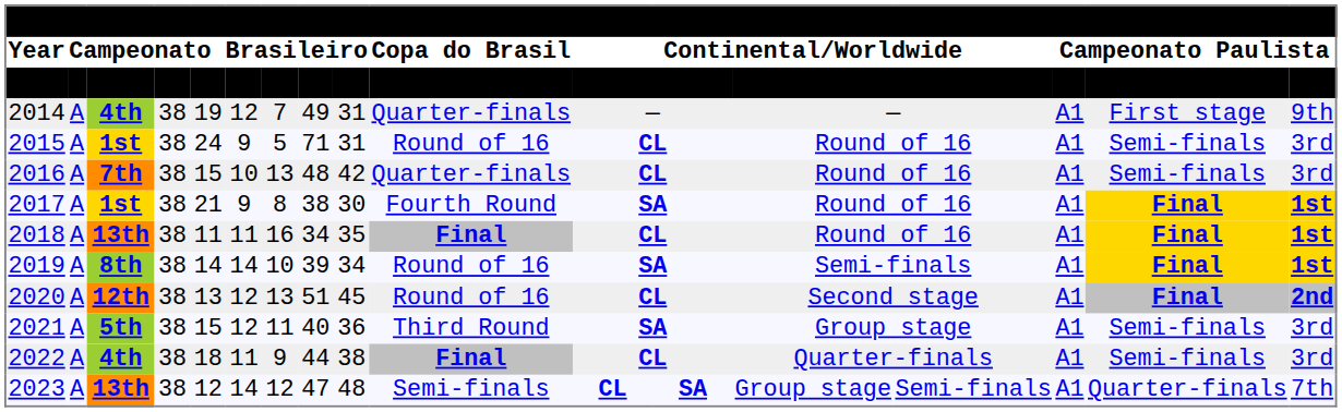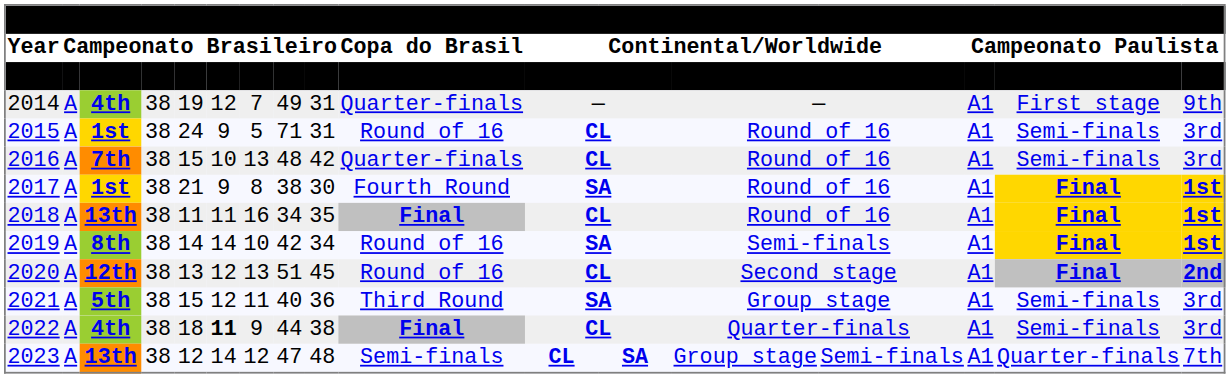 <table style="background:#f7f8ff; font-size:95%; text-align:center; border:gray solid 1px; border-collapse:collapse;">
 <tr style="background:#000;">
 <td colspan="18" style="text-align:center;"><span> <strong>Last Ten Seasons</strong></span></td>
 </tr>
 <tr style="background:#fff;">
 <td style="text-align:center;"><strong>Year</strong></td>
 <th colspan="8" style="text-align:center;"><strong>Campeonato Brasileiro</strong></th>
 <th style="text-align:center;"><strong>Copa do Brasil</strong></th>
 <th colspan="4" style="text-align:center;"><strong>Continental/Worldwide</strong></th>
 <th colspan="3" style="text-align:center;"><strong>Campeonato Paulista</strong></th>
 </tr>
 <tr style="background:#000;">
 <td style="text-align:center;"><span><strong>—</strong></span></td>
 <td style="text-align:center;"><span><strong></strong></span></td>
 <td style="text-align:center;"><span><strong></strong></span></td>
 <td style="text-align:center;"><span><strong></strong></span></td>
 <td style="text-align:center;"><span><strong></strong></span></td>
 <td style="text-align:center;"><span><strong></strong></span></td>
 <td style="text-align:center;"><span><strong></strong></span></td>
 <td style="text-align:center;"><span><strong></strong></span></td>
 <td style="text-align:center;"><span><strong></strong></span></td>
 <td style="text-align:center;"><span><strong>Maximum stage</strong></span></td>
 <td style="text-align:center;" colspan="2"><span><strong>Competition</strong></span></td>
 <td style="text-align:center;" colspan="2"><span><strong>Maximum stage</strong></span></td>
 <td style="text-align:center;"><span><strong></strong></span></td>
 <td style="text-align:center;"><span><strong>Maximum stage</strong></span></td>
 <td style="text-align:center;"><span><strong></strong></span></td>
 </tr>
 <tr style="background:#efefef;">
 <td style="text-align:center;">2014</td>
 <td style="text-align:center;"><a href='#'>A</a></td>
 <td style="text-align:center; background:#9ace32;"><a href='#'><span><strong>4th</strong></span></a></td>
 <td style="text-align:center;">38</td>
 <td style="text-align:center;">19</td>
 <td style="text-align:center;">12</td>
 <td style="text-align:center;">7</td>
 <td style="text-align:center;">49</td>
 <td style="text-align:center;">31</td>
 <td style="text-align:center;"><a href='#'>Quarter-finals</a></td>
 <td style="text-align:center;" colspan="2">—</td>
 <td style="text-align:center;" colspan="2">—</td>
 <td style="text-align:center;"><a href='#'>A1</a></td>
 <td style="text-align:center;"><a href='#'>First stage</a></td>
 <td style="text-align:center;"><a href='#'>9th</a></td>
 </tr>
 <tr>
 <td style="text-align:center;"><a href='#'>2015</a></td>
 <td style="text-align:center;"><a href='#'>A</a></td>
 <td style="text-align:center; background:gold;"><a href='#'><span><strong>1st</strong></span></a></td>
 <td style="text-align:center;">38</td>
 <td style="text-align:center;">24</td>
 <td style="text-align:center;">9</td>
 <td style="text-align:center;">5</td>
 <td style="text-align:center;">71</td>
 <td style="text-align:center;">31</td>
 <td style="text-align:center;"><a href='#'>Round of 16</a></td>
 <td style="text-align:center;" colspan="2"><strong><a href='#'>CL</a></strong></td>
 <td style="text-align:center;" colspan="2"><a href='#'>Round of 16</a></td>
 <td style="text-align:center;"><a href='#'>A1</a></td>
 <td style="text-align:center;"><a href='#'>Semi-finals</a></td>
 <td style="text-align:center;"><a href='#'>3rd</a></td>
 </tr>
 <tr style="background:#efefef;">
 <td style="text-align:center;"><a href='#'>2016</a></td>
 <td style="text-align:center;"><a href='#'>A</a></td>
 <td style="text-align:center; background:#FF8C00;"><a href='#'><span><strong>7th</strong></span></a></td>
 <td style="text-align:center;">38</td>
 <td style="text-align:center;">15</td>
 <td style="text-align:center;">10</td>
 <td style="text-align:center;">13</td>
 <td style="text-align:center;">48</td>
 <td style="text-align:center;">42</td>
 <td style="text-align:center;"><a href='#'>Quarter-finals</a></td>
 <td style="text-align:center;" colspan="2"><strong><a href='#'>CL</a></strong></td>
 <td style="text-align:center;" colspan="2"><a href='#'>Round of 16</a></td>
 <td style="text-align:center;"><a href='#'>A1</a></td>
 <td style="text-align:center;"><a href='#'>Semi-finals</a></td>
 <td style="text-align:center;"><a href='#'>3rd</a></td>
 </tr>
 <tr>
 <td style="text-align:center;"><a href='#'>2017</a></td>
 <td style="text-align:center;"><a href='#'>A</a></td>
 <td style="text-align:center; background:gold;"><a href='#'><span><strong>1st</strong></span></a></td>
 <td style="text-align:center;">38</td>
 <td style="text-align:center;">21</td>
 <td style="text-align:center;">9</td>
 <td style="text-align:center;">8</td>
 <td style="text-align:center;">38</td>
 <td style="text-align:center;">30</td>
 <td style="text-align:center;"><a href='#'>Fourth Round</a></td>
 <td style="text-align:center;" colspan="2"><strong><a href='#'>SA</a></strong></td>
 <td style="text-align:center;" colspan="2"><a href='#'>Round of 16</a></td>
 <td style="text-align:center;"><a href='#'>A1</a></td>
 <td style="text-align:center; background:gold;"><a href='#'><span><strong>Final</strong></span></a></td>
 <td style="text-align:center; background:gold;"><a href='#'><span><strong>1st</strong></span></a></td>
 </tr>
 <tr style="background:#efefef;">
 <td style="text-align:center;"><a href='#'>2018</a></td>
 <td style="text-align:center;"><a href='#'>A</a></td>
 <td style="text-align:center;background:#FF8C00;"><a href='#'><span><strong>13th</strong></span></a></td>
 <td style="text-align:center;">38</td>
 <td style="text-align:center;">11</td>
 <td style="text-align:center;">11</td>
 <td style="text-align:center;">16</td>
 <td style="text-align:center;">34</td>
 <td style="text-align:center;">35</td>
 <td style="text-align:center; background:silver;"><a href='#'><span><strong>Final</strong></span></a></td>
 <td style="text-align:center;" colspan="2"><strong><a href='#'>CL</a></strong></td>
 <td style="text-align:center;" colspan="2"><a href='#'>Round of 16</a></td>
 <td style="text-align:center;"><a href='#'>A1</a></td>
 <td style="text-align:center; background:gold;"><a href='#'><span><strong>Final</strong></span></a></td>
 <td style="text-align:center; background:gold;"><a href='#'><span><strong>1st</strong></span></a></td>
 </tr>
 <tr>
 <td style="text-align:center;"><a href='#'>2019</a></td>
 <td style="text-align:center;"><a href='#'>A</a></td>
 <td style="text-align:center;background:#9ace32;"><a href='#'><span><strong>8th</strong></span></a></td>
 <td style="text-align:center;">38</td>
 <td style="text-align:center;">14</td>
 <td style="text-align:center;">14</td>
 <td style="text-align:center;">10</td>
-<td style="text-align:center;">39</td>
+<td style="text-align:center;">42</td>
 <td style="text-align:center;">34</td>
 <td style="text-align:center;"><a href='#'>Round of 16</a></td>
 <td style="text-align:center;" colspan="2"><strong><a href='#'>SA</a></strong></td>
 <td style="text-align:center;" colspan="2"><a href='#'>Semi-finals</a></td>
 <td style="text-align:center;"><a href='#'>A1</a></td>
 <td style="text-align:center; background:gold;"><a href='#'><span><strong>Final</strong></span></a></td>
 <td style="text-align:center; background:gold;"><a href='#'><span><strong>1st</strong></span></a></td>
 </tr>
 <tr style="background:#efefef;">
 <td style="text-align:center;"><a href='#'>2020</a></td>
 <td style="text-align:center;"><a href='#'>A</a></td>
 <td style="text-align:center;background:#FF8C00;"><a href='#'><span><strong>12th</strong></span></a></td>
 <td style="text-align:center;">38</td>
 <td style="text-align:center;">13</td>
 <td style="text-align:center;">12</td>
 <td style="text-align:center;">13</td>
 <td style="text-align:center;">51</td>
 <td style="text-align:center;">45</td>
 <td style="text-align:center;"><a href='#'>Round of 16</a></td>
 <td style="text-align:center;" colspan="2"><strong><a href='#'>CL</a></strong></td>
 <td style="text-align:center;" colspan="2"><a href='#'>Second stage</a></td>
 <td style="text-align:center;"><a href='#'>A1</a></td>
 <td style="text-align:center; background:silver;"><a href='#'><span><strong>Final</strong></span></a></td>
 <td style="text-align:center; background:silver;"><a href='#'><span><strong>2nd</strong></span></a></td>
 </tr>
 <tr>
 <td style="text-align:center;"><a href='#'>2021</a></td>
 <td style="text-align:center;"><a href='#'>A</a></td>
 <td style="text-align:center;background:#9ace32;"><a href='#'><span><strong>5th</strong></span></a></td>
 <td style="text-align:center;">38</td>
 <td style="text-align:center;">15</td>
 <td style="text-align:center;">12</td>
 <td style="text-align:center;">11</td>
 <td style="text-align:center;">40</td>
 <td style="text-align:center;">36</td>
 <td style="text-align:center;"><a href='#'>Third Round</a></td>
 <td style="text-align:center;" colspan="2"><strong><a href='#'>SA</a></strong></td>
 <td style="text-align:center;" colspan="2"><a href='#'>Group stage</a></td>
 <td style="text-align:center;"><a href='#'>A1</a></td>
 <td style="text-align:center;"><a href='#'>Semi-finals</a></td>
 <td style="text-align:center;"><a href='#'>3rd</a></td>
 </tr>
 <tr style="background:#efefef;">
 <td style="text-align:center;"><a href='#'>2022</a></td>
 <td style="text-align:center;"><a href='#'>A</a></td>
 <td style="text-align:center;background:#9ace32;"><a href='#'><span><strong>4th</strong></span></a></td>
 <td style="text-align:center;">38</td>
 <td style="text-align:center;">18</td>
-<td style="text-align:center;">11</td>
+<td style="text-align:center;"><strong>11</strong></td>
 <td style="text-align:center;">9</td>
 <td style="text-align:center;">44</td>
 <td style="text-align:center;">38</td>
 <td style="text-align:center; background:silver;"><a href='#'><span><strong>Final</strong></span></a></td>
 <td style="text-align:center;" colspan="2"><strong><a href='#'>CL</a></strong></td>
 <td style="text-align:center;" colspan="2"><a href='#'>Quarter-finals</a></td>
 <td style="text-align:center;"><a href='#'>A1</a></td>
 <td style="text-align:center;"><a href='#'>Semi-finals</a></td>
 <td style="text-align:center;"><a href='#'>3rd</a></td>
 </tr>
 <tr>
 <td style="text-align:center;"><a href='#'>2023</a></td>
 <td style="text-align:center;"><a href='#'>A</a></td>
 <td style="text-align:center;background:#FF8C00;"><a href='#'><span><strong>13th</strong></span></a></td>
 <td style="text-align:center;">38</td>
 <td style="text-align:center;">12</td>
 <td style="text-align:center;">14</td>
 <td style="text-align:center;">12</td>
 <td style="text-align:center;">47</td>
 <td style="text-align:center;">48</td>
 <td style="text-align:center;"><a href='#'>Semi-finals</a></td>
 <td style="text-align:center;"><strong><a href='#'>CL</a></strong></td>
 <td style="text-align:center;"><strong><a href='#'>SA</a></strong></td>
 <td style="text-align:center;"><a href='#'>Group stage</a></td>
 <td style="text-align:center;"><a href='#'>Semi-finals</a></td>
 <td style="text-align:center;"><a href='#'>A1</a></td>
 <td style="text-align:center;"><a href='#'>Quarter-finals</a></td>
 <td style="text-align:center;"><a href='#'>7th</a></td>
 </tr>
 </table>
